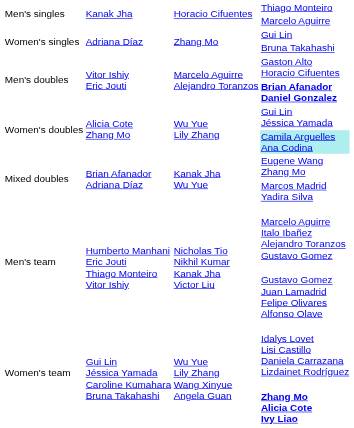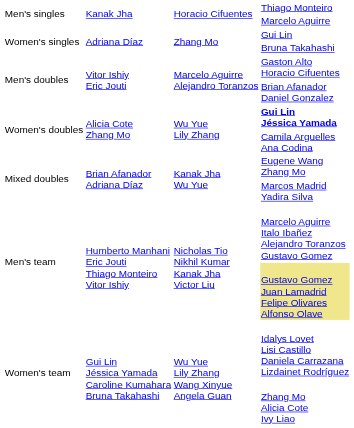 <table>
 <tr>
 <td rowspan=2>Men's singles</td>
 <td rowspan=2> <a href='#'>Kanak Jha</a></td>
 <td rowspan=2> <a href='#'>Horacio Cifuentes</a></td>
 <td> <a href='#'>Thiago Monteiro</a></td>
 </tr>
 <tr>
 <td> <a href='#'>Marcelo Aguirre</a></td>
 </tr>
 <tr>
 <td rowspan=2>Women's singles</td>
 <td rowspan=2> <a href='#'>Adriana Díaz</a></td>
 <td rowspan=2> <a href='#'>Zhang Mo</a></td>
 <td> <a href='#'>Gui Lin</a></td>
 </tr>
 <tr>
 <td> <a href='#'>Bruna Takahashi</a></td>
 </tr>
 <tr>
 <td rowspan=2>Men's doubles</td>
 <td rowspan=2> <a href='#'>Vitor Ishiy</a><br> <a href='#'>Eric Jouti</a></td>
 <td rowspan=2> <a href='#'>Marcelo Aguirre</a><br> <a href='#'>Alejandro Toranzos</a></td>
 <td> <a href='#'>Gaston Alto</a><br> <a href='#'>Horacio Cifuentes</a></td>
 </tr>
 <tr>
-<td><strong> <a href='#'>Brian Afanador</a><br> <a href='#'>Daniel Gonzalez</a></strong></td>
+<td> <a href='#'>Brian Afanador</a><br> <a href='#'>Daniel Gonzalez</a></td>
 </tr>
 <tr>
 <td rowspan=2>Women's doubles</td>
 <td rowspan=2> <a href='#'>Alicia Cote</a><br> <a href='#'>Zhang Mo</a></td>
 <td rowspan=2> <a href='#'>Wu Yue</a><br> <a href='#'>Lily Zhang</a></td>
-<td> <a href='#'>Gui Lin</a><br> <a href='#'>Jéssica Yamada</a></td>
+<td><strong> <a href='#'>Gui Lin</a><br> <a href='#'>Jéssica Yamada</a></strong></td>
 </tr>
 <tr>
-<td style="background: paleturquoise;"> <a href='#'>Camila Arguelles</a><br> <a href='#'>Ana Codina</a></td>
+<td> <a href='#'>Camila Arguelles</a><br> <a href='#'>Ana Codina</a></td>
 </tr>
 <tr>
 <td rowspan=2>Mixed doubles</td>
 <td rowspan=2> <a href='#'>Brian Afanador</a><br> <a href='#'>Adriana Díaz</a></td>
 <td rowspan=2> <a href='#'>Kanak Jha</a><br> <a href='#'>Wu Yue</a></td>
 <td> <a href='#'>Eugene Wang</a><br> <a href='#'>Zhang Mo</a></td>
 </tr>
 <tr>
 <td> <a href='#'>Marcos Madrid</a><br> <a href='#'>Yadira Silva</a></td>
 </tr>
 <tr>
 <td rowspan=2>Men's team</td>
 <td rowspan=2><br><a href='#'>Humberto Manhani</a><br><a href='#'>Eric Jouti</a><br><a href='#'>Thiago Monteiro</a><br><a href='#'>Vitor Ishiy</a></td>
 <td rowspan=2><br><a href='#'>Nicholas Tio</a><br><a href='#'>Nikhil Kumar</a><br><a href='#'>Kanak Jha</a><br><a href='#'>Victor Liu</a></td>
 <td><br><a href='#'>Marcelo Aguirre</a><br><a href='#'>Italo Ibañez</a><br><a href='#'>Alejandro Toranzos</a><br><a href='#'>Gustavo Gomez</a></td>
 </tr>
 <tr>
-<td><br><a href='#'>Gustavo Gomez</a><br><a href='#'>Juan Lamadrid</a><br><a href='#'>Felipe Olivares</a><br><a href='#'>Alfonso Olave</a></td>
+<td style="background: khaki;"><br><a href='#'>Gustavo Gomez</a><br><a href='#'>Juan Lamadrid</a><br><a href='#'>Felipe Olivares</a><br><a href='#'>Alfonso Olave</a></td>
 </tr>
 <tr>
 <td rowspan=2>Women's team</td>
 <td rowspan=2><br><a href='#'>Gui Lin</a><br><a href='#'>Jéssica Yamada</a><br><a href='#'>Caroline Kumahara</a><br><a href='#'>Bruna Takahashi</a></td>
 <td rowspan=2><br><a href='#'>Wu Yue</a><br><a href='#'>Lily Zhang</a><br><a href='#'>Wang Xinyue</a><br><a href='#'>Angela Guan</a></td>
 <td><br><a href='#'>Idalys Lovet</a><br><a href='#'>Lisi Castillo</a><br><a href='#'>Daniela Carrazana</a><br><a href='#'>Lizdainet Rodríguez</a></td>
 </tr>
 <tr>
-<td><strong><br><a href='#'>Zhang Mo</a><br><a href='#'>Alicia Cote</a><br><a href='#'>Ivy Liao</a></strong></td>
+<td><br><a href='#'>Zhang Mo</a><br><a href='#'>Alicia Cote</a><br><a href='#'>Ivy Liao</a></td>
 </tr>
 </table>
